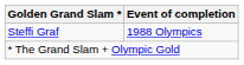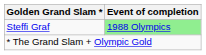 <table class="wikitable">
 <tr>
 <th>Golden Grand Slam *</th>
 <th>Event of completion</th>
 </tr>
 <tr>
 <td> <a href='#'>Steffi Graf</a></td>
-<td><a href='#'>1988 Olympics</a></td>
+<td style="background: lightgreen;"><a href='#'>1988 Olympics</a></td>
 </tr>
 <tr>
 <td colspan="2">* The Grand Slam + <a href='#'>Olympic Gold</a></td>
 </tr>
 </table>
